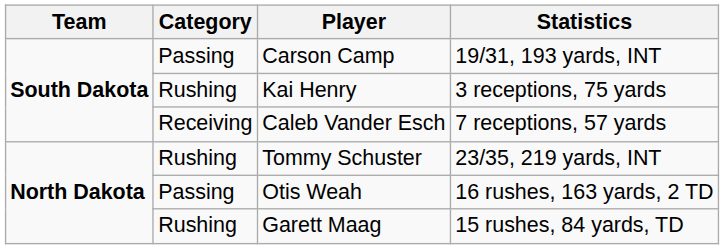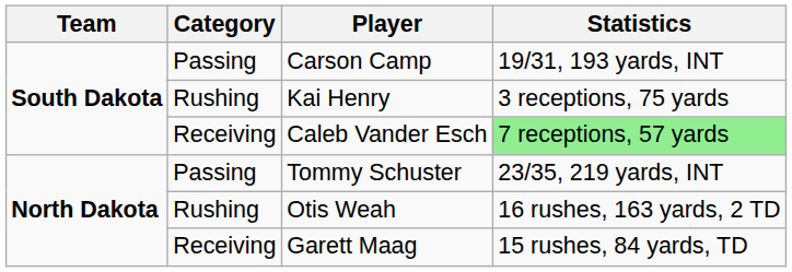 <table class="wikitable" style="float: right;">
 <tr>
 <th>Team</th>
 <th>Category</th>
 <th>Player</th>
 <th>Statistics</th>
 </tr>
 <tr>
 <td rowspan=3><strong>South Dakota</strong></td>
 <td>Passing</td>
 <td>Carson Camp</td>
 <td>19/31, 193 yards, INT</td>
 </tr>
 <tr>
 <td>Rushing</td>
 <td>Kai Henry</td>
 <td>3 receptions, 75 yards</td>
 </tr>
 <tr>
 <td>Receiving</td>
 <td>Caleb Vander Esch</td>
-<td>7 receptions, 57 yards</td>
+<td style="background: lightgreen;">7 receptions, 57 yards</td>
 </tr>
 <tr>
 <td rowspan=3><strong>North Dakota</strong></td>
-<td>Rushing</td>
+<td>Passing</td>
 <td>Tommy Schuster</td>
 <td>23/35, 219 yards, INT</td>
 </tr>
 <tr>
-<td>Passing</td>
+<td>Rushing</td>
 <td>Otis Weah</td>
 <td>16 rushes, 163 yards, 2 TD</td>
 </tr>
 <tr>
-<td>Rushing</td>
+<td>Receiving</td>
 <td>Garett Maag</td>
 <td>15 rushes, 84 yards, TD</td>
 </tr>
 </table>
